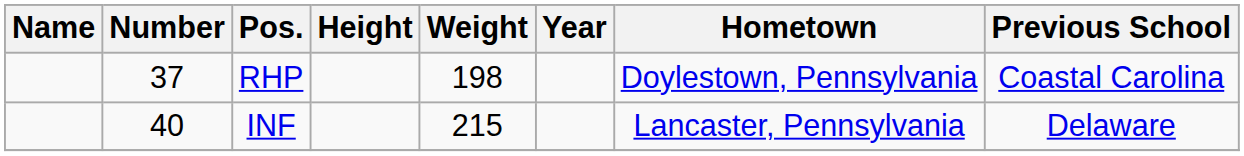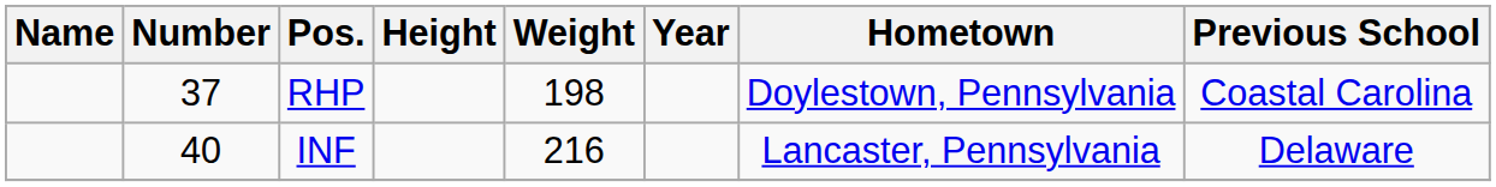 <table class="wikitable sortable sortable" style="text-align: center">
 <tr align=center>
 <th>Name</th>
 <th>Number</th>
 <th>Pos.</th>
 <th>Height</th>
 <th>Weight</th>
 <th>Year</th>
 <th>Hometown</th>
 <th>Previous School</th>
 </tr>
 <tr>
 <td></td>
 <td>37</td>
 <td><a href='#'>RHP</a></td>
 <td></td>
 <td>198</td>
 <td></td>
 <td><a href='#'>Doylestown, Pennsylvania</a></td>
 <td><a href='#'>Coastal Carolina</a></td>
 </tr>
 <tr>
 <td></td>
 <td>40</td>
 <td><a href='#'>INF</a></td>
 <td></td>
-<td>215</td>
+<td>216</td>
 <td></td>
 <td><a href='#'>Lancaster, Pennsylvania</a></td>
 <td><a href='#'>Delaware</a></td>
 </tr>
 <tr>
 </tr>
 </table>
